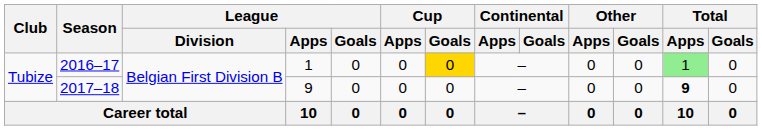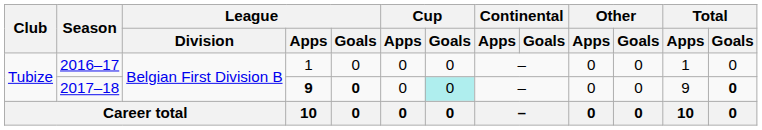 <table class="wikitable" style="text-align: center">
 <tr>
 <th rowspan="2">Club</th>
 <th rowspan="2">Season</th>
 <th colspan="3">League</th>
 <th colspan="2">Cup</th>
 <th colspan="2">Continental</th>
 <th colspan="2">Other</th>
 <th colspan="2">Total</th>
 </tr>
 <tr>
 <th>Division</th>
 <th>Apps</th>
 <th>Goals</th>
 <th>Apps</th>
 <th>Goals</th>
 <th>Apps</th>
 <th>Goals</th>
 <th>Apps</th>
 <th>Goals</th>
 <th>Apps</th>
 <th>Goals</th>
 </tr>
 <tr>
 <td rowspan="2"><a href='#'>Tubize</a></td>
 <td><a href='#'>2016–17</a></td>
 <td rowspan="2"><a href='#'>Belgian First Division B</a></td>
 <td>1</td>
 <td>0</td>
 <td>0</td>
-<td style="background: gold;">0</td>
+<td>0</td>
 <td colspan="2">–</td>
 <td>0</td>
 <td>0</td>
-<td style="background: lightgreen;">1</td>
+<td>1</td>
 <td>0</td>
 </tr>
 <tr>
 <td><a href='#'>2017–18</a></td>
-<td>9</td>
+<td><strong>9</strong></td>
+<td><strong>0</strong></td>
 <td>0</td>
-<td>0</td>
-<td>0</td>
+<td style="background: paleturquoise;">0</td>
 <td colspan="2">–</td>
 <td>0</td>
 <td>0</td>
-<td><strong>9</strong></td>
-<td>0</td>
+<td>9</td>
+<td><strong>0</strong></td>
 </tr>
 <tr>
 <th colspan=3>Career total</th>
 <th>10</th>
 <th>0</th>
 <th>0</th>
 <th>0</th>
 <th colspan="2">–</th>
 <th>0</th>
 <th>0</th>
 <th>10</th>
 <th>0</th>
 </tr>
 </table>
